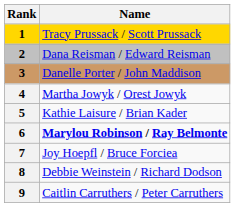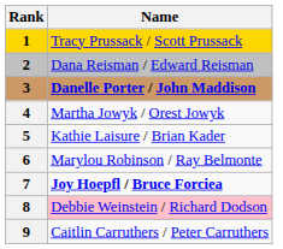 <table class="wikitable">
 <tr>
 <th>Rank</th>
 <th>Name</th>
 </tr>
 <tr bgcolor="gold">
 <td align="center"><strong>1</strong></td>
 <td><a href='#'>Tracy Prussack</a> / <a href='#'>Scott Prussack</a></td>
 </tr>
 <tr bgcolor="silver">
 <td align="center"><strong>2</strong></td>
 <td><a href='#'>Dana Reisman</a> / <a href='#'>Edward Reisman</a></td>
 </tr>
 <tr bgcolor="cc9966">
 <td align="center"><strong>3</strong></td>
-<td><a href='#'>Danelle Porter</a> / <a href='#'>John Maddison</a></td>
+<td><strong><a href='#'>Danelle Porter</a> / <a href='#'>John Maddison</a></strong></td>
 </tr>
 <tr>
 <th>4</th>
 <td><a href='#'>Martha Jowyk</a> / <a href='#'>Orest Jowyk</a></td>
 </tr>
 <tr>
 <th>5</th>
 <td><a href='#'>Kathie Laisure</a> / <a href='#'>Brian Kader</a></td>
 </tr>
 <tr>
 <th>6</th>
-<td><strong><a href='#'>Marylou Robinson</a> / <a href='#'>Ray Belmonte</a></strong></td>
+<td><a href='#'>Marylou Robinson</a> / <a href='#'>Ray Belmonte</a></td>
 </tr>
 <tr>
 <th>7</th>
-<td><a href='#'>Joy Hoepfl</a> / <a href='#'>Bruce Forciea</a></td>
+<td><strong><a href='#'>Joy Hoepfl</a> / <a href='#'>Bruce Forciea</a></strong></td>
 </tr>
 <tr>
 <th>8</th>
-<td><a href='#'>Debbie Weinstein</a> / <a href='#'>Richard Dodson</a></td>
+<td style="background: pink;"><a href='#'>Debbie Weinstein</a> / <a href='#'>Richard Dodson</a></td>
 </tr>
 <tr>
 <th>9</th>
 <td><a href='#'>Caitlin Carruthers</a> / <a href='#'>Peter Carruthers</a></td>
 </tr>
 </table>
